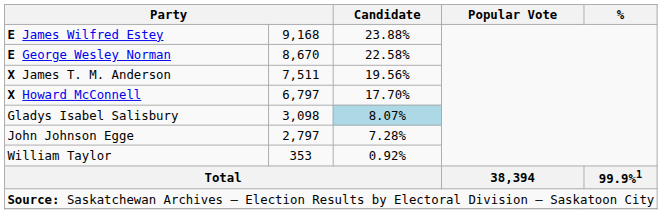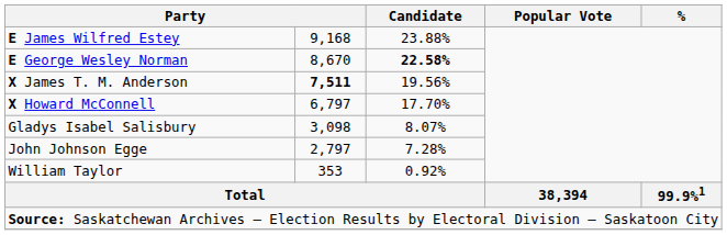 <table class="wikitable">
 <tr>
 <th colspan="2">Party</th>
 <th>Candidate</th>
 <th>Popular Vote</th>
 <th>%</th>
 </tr>
 <tr>
 <td><strong>E</strong> <a href='#'>James Wilfred Estey</a></td>
 <td align=center>9,168</td>
 <td align=center>23.88%</td>
 </tr>
 <tr>
 <td><strong>E</strong> <a href='#'>George Wesley Norman</a></td>
 <td align=center>8,670</td>
-<td align=center>22.58%</td>
+<td align=center><strong>22.58%</strong></td>
 </tr>
 <tr>
 <td><strong>X</strong> James T. M. Anderson</td>
-<td align=center>7,511</td>
+<td align=center><strong>7,511</strong></td>
 <td align=center>19.56%</td>
 </tr>
 <tr>
 <td><strong>X</strong> <a href='#'>Howard McConnell</a></td>
 <td align=center>6,797</td>
 <td align=center>17.70%</td>
 </tr>
 <tr>
 <td>Gladys Isabel Salisbury</td>
 <td align=center>3,098</td>
-<td align=center style="background: lightblue;">8.07%</td>
+<td align=center>8.07%</td>
 </tr>
 <tr>
 <td>John Johnson Egge</td>
 <td align=center>2,797</td>
 <td align=center>7.28%</td>
 </tr>
 <tr>
 <td>William Taylor</td>
 <td align=center>353</td>
 <td align=center>0.92%</td>
 </tr>
 <tr>
 <th colspan=3>Total</th>
 <th>38,394</th>
 <th>99.9%<sup>1</sup></th>
 </tr>
 <tr>
 <td align="center" colspan=5><strong>Source:</strong> Saskatchewan Archives — Election Results by Electoral Division — Saskatoon City</td>
 </tr>
 <tr>
 </tr>
 </table>
